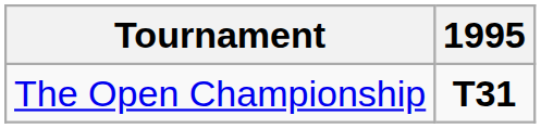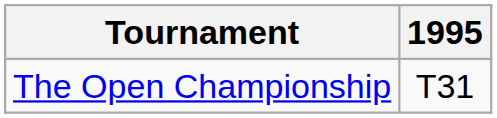 <table class="wikitable" style="font-size:95%;text-align:center;">
 <tr>
 <th>Tournament</th>
 <th>1995</th>
 </tr>
 <tr>
 <td align=left><a href='#'>The Open Championship</a></td>
-<td><strong>T31</strong></td>
+<td>T31</td>
 </tr>
 </table>
